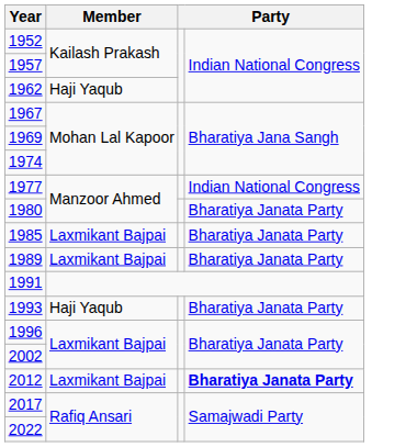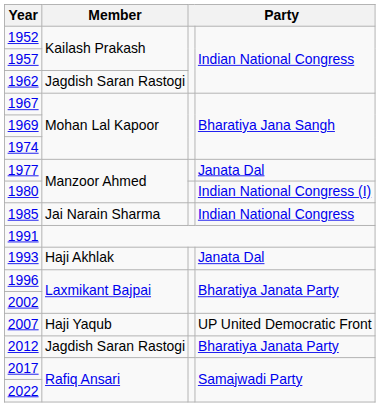 <table class="wikitable">
 <tr>
 <th>Year</th>
 <th>Member</th>
 <th colspan="2">Party</th>
 </tr>
 <tr>
 <td><a href='#'>1952</a></td>
 <td rowspan="2">Kailash Prakash</td>
 <td rowspan="3" style="background-color: "></td>
 <td rowspan="3"><a href='#'>Indian National Congress</a></td>
 </tr>
 <tr>
 <td><a href='#'>1957</a></td>
 </tr>
 <tr>
 <td><a href='#'>1962</a></td>
-<td>Haji Yaqub</td>
+<td>Jagdish Saran Rastogi</td>
 </tr>
 <tr>
 <td><a href='#'>1967</a></td>
 <td rowspan="3">Mohan Lal Kapoor</td>
 <td rowspan="3" style="background-color: "></td>
 <td rowspan="3"><a href='#'>Bharatiya Jana Sangh</a></td>
 </tr>
 <tr>
 <td><a href='#'>1969</a></td>
 </tr>
 <tr>
 <td><a href='#'>1974</a></td>
 </tr>
 <tr>
 <td><a href='#'>1977</a></td>
 <td rowspan="2">Manzoor Ahmed</td>
 <td style="background-color: "></td>
-<td><a href='#'>Indian National Congress</a></td>
+<td><a href='#'>Janata Dal</a></td>
 </tr>
 <tr>
 <td><a href='#'>1980</a></td>
 <td style="background-color: "></td>
-<td><a href='#'>Bharatiya Janata Party</a></td>
+<td><a href='#'>Indian National Congress (I)</a></td>
 </tr>
 <tr>
 <td><a href='#'>1985</a></td>
-<td><a href='#'>Laxmikant Bajpai</a></td>
+<td>Jai Narain Sharma</td>
 <td style="background-color: "></td>
-<td><a href='#'>Bharatiya Janata Party</a></td>
-</tr>
-<tr>
-<td><a href='#'>1989</a></td>
-<td><a href='#'>Laxmikant Bajpai</a></td>
-<td style="background-color: "></td>
-<td><a href='#'>Bharatiya Janata Party</a></td>
+<td><a href='#'>Indian National Congress</a></td>
 </tr>
 <tr>
 <td><a href='#'>1991</a></td>
 <td colspan="3"></td>
 </tr>
 <tr>
 <td><a href='#'>1993</a></td>
-<td>Haji Yaqub</td>
+<td>Haji Akhlak</td>
 <td style="background-color: "></td>
-<td><a href='#'>Bharatiya Janata Party</a></td>
+<td><a href='#'>Janata Dal</a></td>
 </tr>
 <tr>
 <td><a href='#'>1996</a></td>
 <td rowspan="2"><a href='#'>Laxmikant Bajpai</a></td>
 <td rowspan="2" style="background-color: "></td>
 <td rowspan="2"><a href='#'>Bharatiya Janata Party</a></td>
 </tr>
 <tr>
 <td><a href='#'>2002</a></td>
 </tr>
 <tr>
+<td><a href='#'>2007</a></td>
+<td>Haji Yaqub</td>
+<td style="background-color: "></td>
+<td>UP United Democratic Front</td>
+</tr>
+<tr>
 <td><a href='#'>2012</a></td>
-<td><a href='#'>Laxmikant Bajpai</a></td>
+<td>Jagdish Saran Rastogi</td>
 <td style="background-color: "></td>
-<td><strong><a href='#'>Bharatiya Janata Party</a></strong></td>
+<td><a href='#'>Bharatiya Janata Party</a></td>
 </tr>
 <tr>
 <td><a href='#'>2017</a></td>
 <td rowspan="2"><a href='#'>Rafiq Ansari</a></td>
 <td rowspan="2" style="background-color: "></td>
 <td rowspan="2"><a href='#'>Samajwadi Party</a></td>
 </tr>
 <tr>
 <td><a href='#'>2022</a></td>
 </tr>
 </table>
